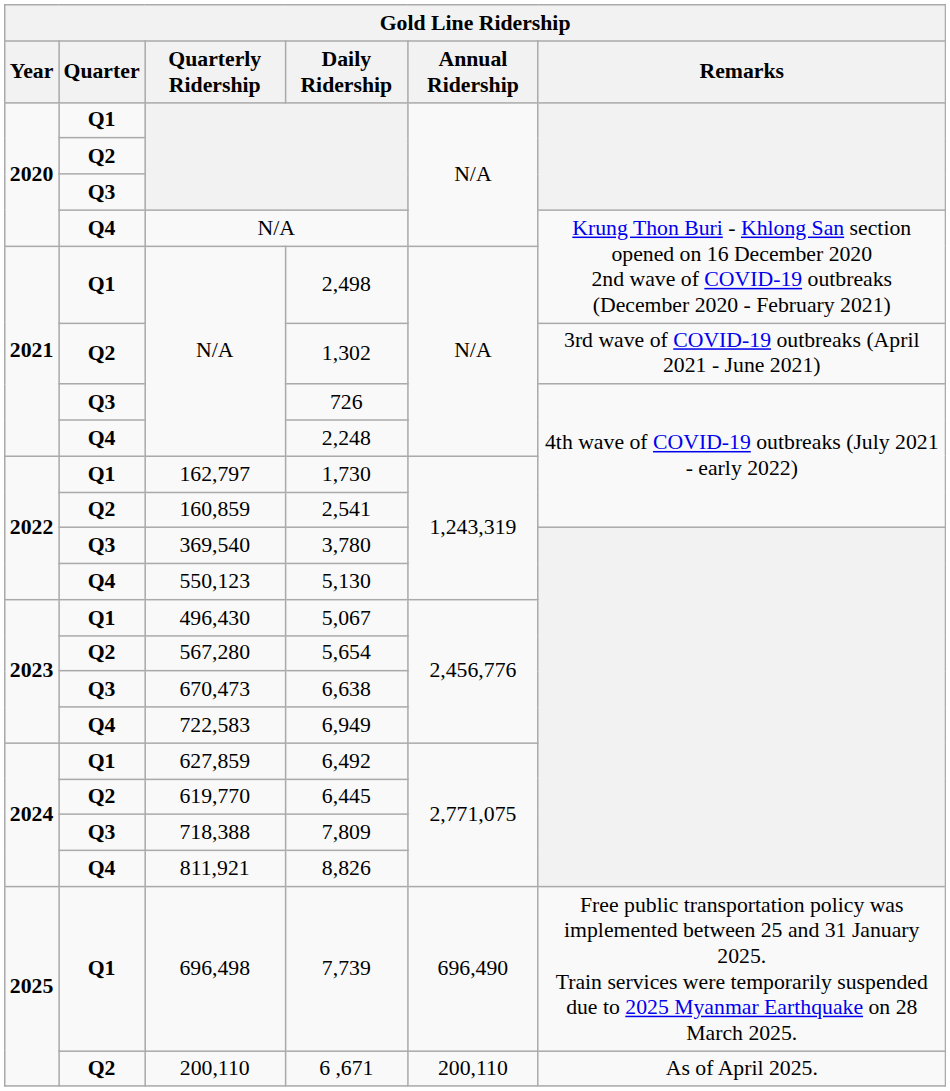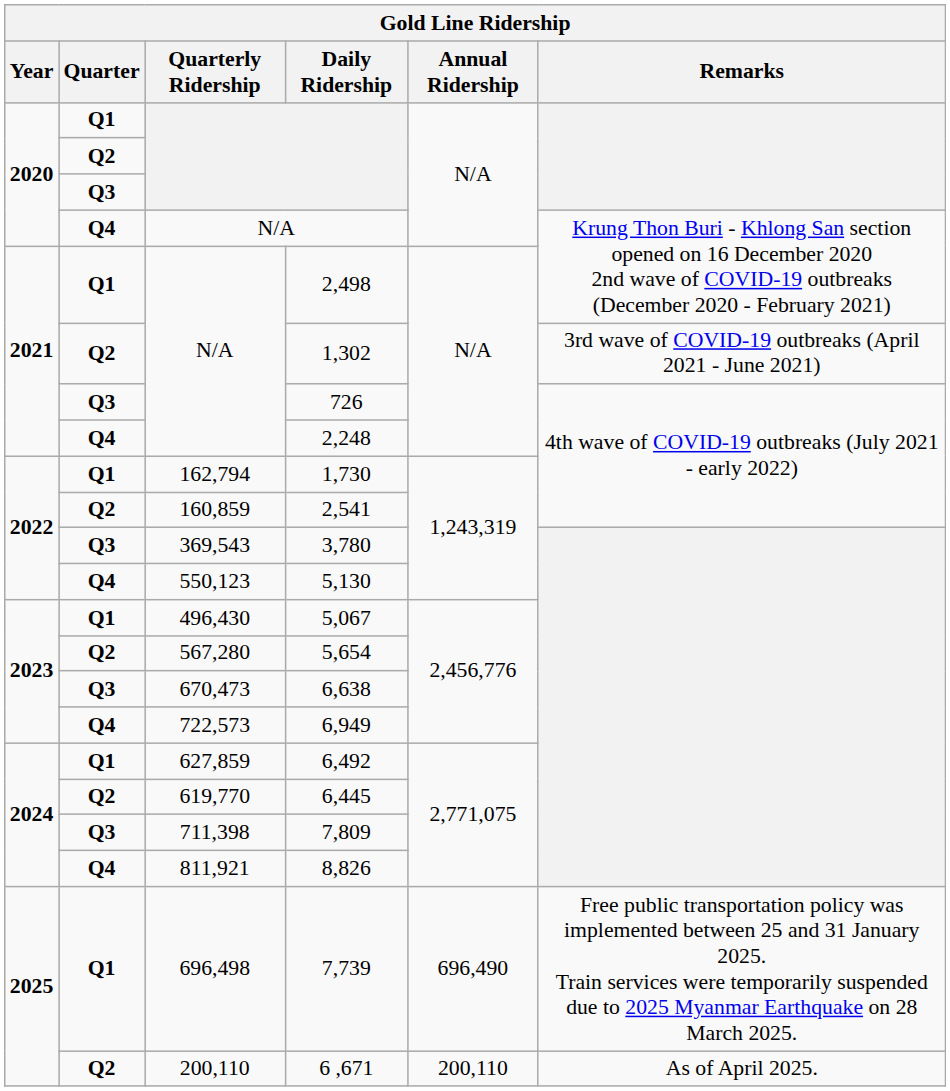 <table class="wikitable" style="margin:auto;font-align:center;text-align:center;font-size:90%;">
 <tr>
 <th align="center" colspan="6" style="background:#">Gold Line Ridership</th>
 </tr>
 <tr>
 <th style="background:#">Year</th>
 <th style="background:#">Quarter</th>
 <th style="background:#">Quarterly Ridership</th>
 <th style="background:#">Daily Ridership</th>
 <th style="background:#">Annual Ridership</th>
 <th style="background:#">Remarks</th>
 </tr>
 <tr>
 <td rowspan="4"><strong>2020</strong></td>
 <td><strong>Q1</strong></td>
 <th colspan="2" rowspan="3"></th>
 <td rowspan="4">N/A</td>
 <th rowspan="3"></th>
 </tr>
 <tr>
 <td><strong>Q2</strong></td>
 </tr>
 <tr>
 <td><strong>Q3</strong></td>
 </tr>
 <tr>
 <td><strong>Q4</strong></td>
 <td colspan="2">N/A</td>
 <td rowspan="2"> <a href='#'>Krung Thon Buri</a> -   <a href='#'>Khlong San</a> section opened on 16 December 2020<br>2nd wave of <a href='#'>COVID-19</a> outbreaks (December 2020 - February 2021)</td>
 </tr>
 <tr>
 <td rowspan="4"><strong>2021</strong></td>
 <td><strong>Q1</strong></td>
 <td rowspan="4">N/A</td>
 <td>2,498</td>
 <td rowspan="4">N/A</td>
 </tr>
 <tr>
 <td><strong>Q2</strong></td>
 <td>1,302</td>
 <td>3rd wave of <a href='#'>COVID-19</a> outbreaks (April 2021 - June 2021)</td>
 </tr>
 <tr>
 <td><strong>Q3</strong></td>
 <td>726</td>
 <td rowspan="4">4th wave of <a href='#'>COVID-19</a> outbreaks (July 2021 - early 2022)</td>
 </tr>
 <tr>
 <td><strong>Q4</strong></td>
 <td>2,248</td>
 </tr>
 <tr>
 <td rowspan="4"><strong>2022</strong></td>
 <td><strong>Q1</strong></td>
-<td>162,797</td>
+<td>162,794</td>
 <td>1,730</td>
 <td rowspan="4">1,243,319</td>
 </tr>
 <tr>
 <td><strong>Q2</strong></td>
 <td>160,859</td>
 <td>2,541</td>
 </tr>
 <tr>
 <td><strong>Q3</strong></td>
-<td>369,540</td>
+<td>369,543</td>
 <td>3,780</td>
 <th rowspan="10"></th>
 </tr>
 <tr>
 <td><strong>Q4</strong></td>
 <td>550,123</td>
 <td>5,130</td>
 </tr>
 <tr>
 <td rowspan="4"><strong>2023</strong></td>
 <td><strong>Q1</strong></td>
 <td>496,430</td>
 <td>5,067</td>
 <td rowspan="4">2,456,776</td>
 </tr>
 <tr>
 <td><strong>Q2</strong></td>
 <td>567,280</td>
 <td>5,654</td>
 </tr>
 <tr>
 <td><strong>Q3</strong></td>
 <td>670,473</td>
 <td>6,638</td>
 </tr>
 <tr>
 <td><strong>Q4</strong></td>
-<td>722,583</td>
+<td>722,573</td>
 <td>6,949</td>
 </tr>
 <tr>
 <td rowspan="4"><strong>2024</strong></td>
 <td><strong>Q1</strong></td>
 <td>627,859</td>
 <td>6,492</td>
 <td rowspan="4">2,771,075</td>
 </tr>
 <tr>
 <td><strong>Q2</strong></td>
 <td>619,770</td>
 <td>6,445</td>
 </tr>
 <tr>
 <td><strong>Q3</strong></td>
-<td>718,388</td>
+<td>711,398</td>
 <td>7,809</td>
 </tr>
 <tr>
 <td><strong>Q4</strong></td>
 <td>811,921</td>
 <td>8,826</td>
 </tr>
 <tr>
 <td rowspan="2"><strong>2025</strong></td>
 <td><strong>Q1</strong></td>
 <td>696,498</td>
 <td>7,739</td>
 <td>696,490</td>
 <td>Free public transportation policy was implemented between 25 and 31 January 2025.<br>Train services were temporarily suspended due to <a href='#'>2025 Myanmar Earthquake</a> on 28 March 2025.</td>
 </tr>
 <tr>
 <td><strong>Q2</strong></td>
 <td>200,110</td>
 <td>6 ,671</td>
 <td>200,110</td>
 <td>As of April 2025.</td>
 </tr>
 </table>
